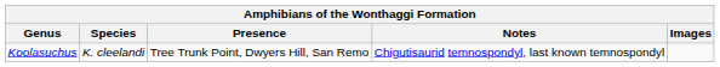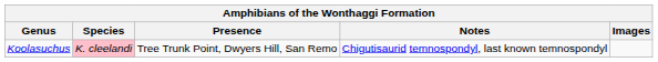 <table class="wikitable" align="center">
 <tr>
 <th colspan="5" align="center"><strong>Amphibians of the Wonthaggi Formation</strong></th>
 </tr>
 <tr>
 <th>Genus</th>
 <th>Species</th>
 <th>Presence</th>
 <th>Notes</th>
 <th>Images</th>
 </tr>
 <tr>
 <td><em><a href='#'>Koolasuchus</a></em></td>
-<td><em>K. cleelandi</em></td>
+<td style="background: pink;"><em>K. cleelandi</em></td>
 <td>Tree Trunk Point, Dwyers Hill, San Remo</td>
 <td><a href='#'>Chigutisaurid</a> <a href='#'>temnospondyl</a>, last known temnospondyl</td>
 <td></td>
 </tr>
 </table>
